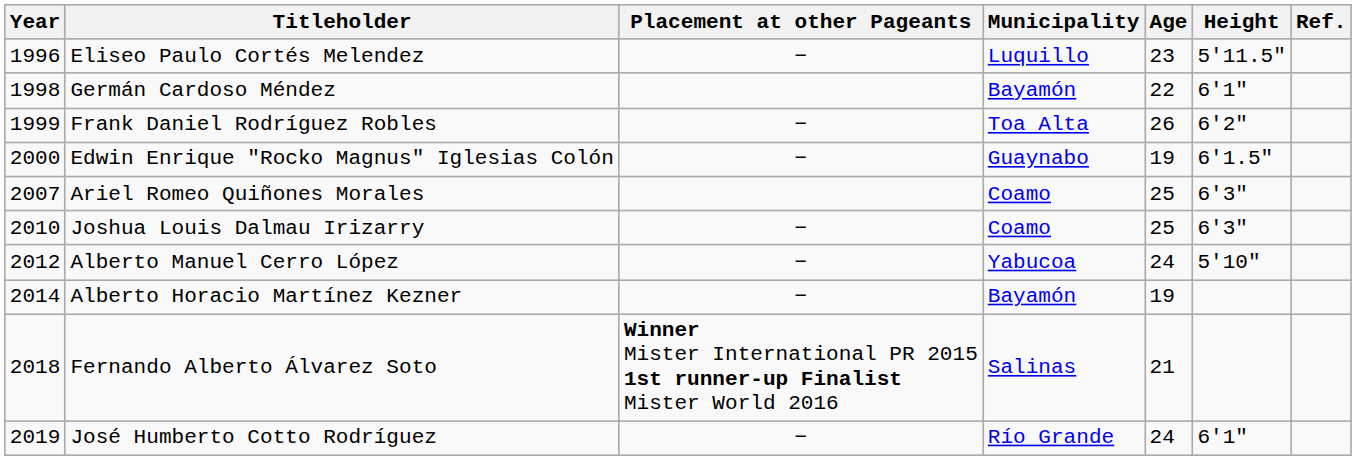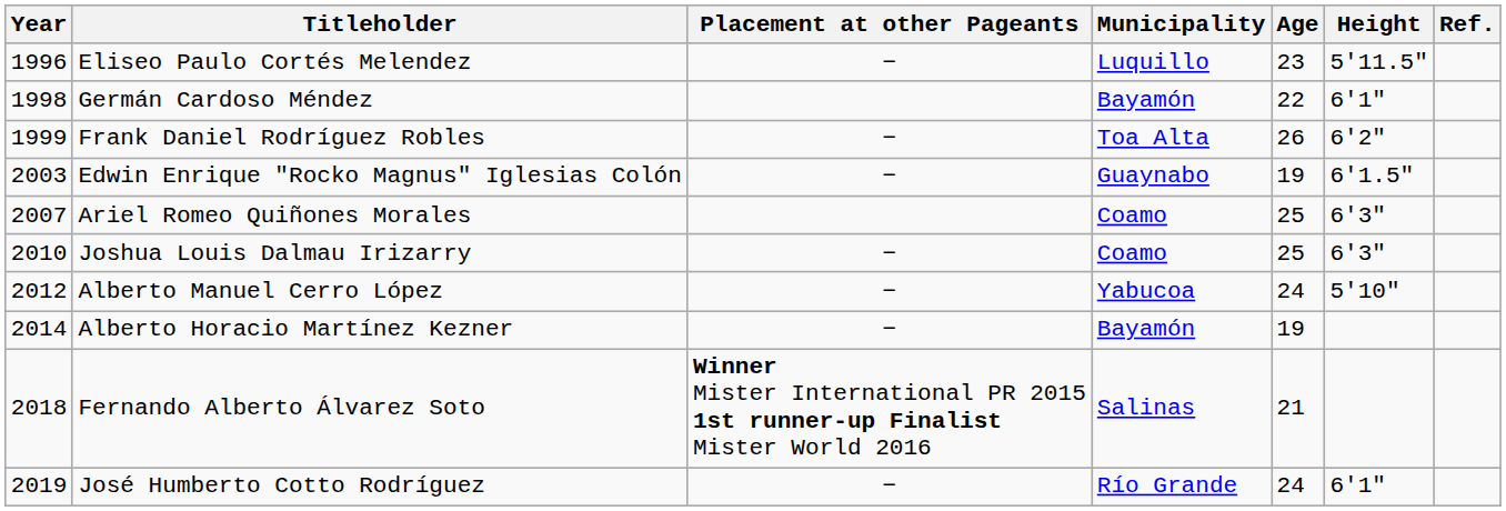 <table class="wikitable">
 <tr>
 <th>Year</th>
 <th>Titleholder</th>
 <th>Placement at other Pageants</th>
 <th>Municipality</th>
 <th>Age</th>
 <th>Height</th>
 <th>Ref.</th>
 </tr>
 <tr>
 <td>1996</td>
 <td>Eliseo Paulo Cortés Melendez</td>
 <td style="text-align:center;">−</td>
 <td><a href='#'>Luquillo</a></td>
 <td>23</td>
 <td>5'11.5"</td>
 <td></td>
 </tr>
 <tr>
 <td>1998</td>
 <td>Germán Cardoso Méndez</td>
 <td></td>
 <td><a href='#'>Bayamón</a></td>
 <td>22</td>
 <td>6'1"</td>
 <td></td>
 </tr>
 <tr>
 <td>1999</td>
 <td>Frank Daniel Rodríguez Robles</td>
 <td style="text-align:center;">−</td>
 <td><a href='#'>Toa Alta</a></td>
 <td>26</td>
 <td>6'2"</td>
 <td></td>
 </tr>
 <tr>
-<td>2000</td>
+<td>2003</td>
 <td>Edwin Enrique "Rocko Magnus" Iglesias Colón</td>
 <td style="text-align:center;">−</td>
 <td><a href='#'>Guaynabo</a></td>
 <td>19</td>
 <td>6'1.5"</td>
 <td></td>
 </tr>
 <tr>
 <td>2007</td>
 <td>Ariel Romeo Quiñones Morales</td>
 <td></td>
 <td><a href='#'>Coamo</a></td>
 <td>25</td>
 <td>6'3"</td>
 <td></td>
 </tr>
 <tr>
 <td>2010</td>
 <td>Joshua Louis Dalmau Irizarry</td>
 <td style="text-align:center;">−</td>
 <td><a href='#'>Coamo</a></td>
 <td>25</td>
 <td>6'3"</td>
 <td></td>
 </tr>
 <tr>
 <td>2012</td>
 <td>Alberto Manuel Cerro López</td>
 <td style="text-align:center;">−</td>
 <td><a href='#'>Yabucoa</a></td>
 <td>24</td>
 <td>5'10"</td>
 <td></td>
 </tr>
 <tr>
 <td>2014</td>
 <td>Alberto Horacio Martínez Kezner</td>
 <td style="text-align:center;">−</td>
 <td><a href='#'>Bayamón</a></td>
 <td>19</td>
 <td></td>
 <td></td>
 </tr>
 <tr>
 <td>2018</td>
 <td>Fernando Alberto Álvarez Soto</td>
 <td><div><strong>Winner</strong><br>Mister International PR 2015<br><strong>1st runner-up Finalist</strong><br>Mister World 2016 </div></td>
 <td><a href='#'>Salinas</a></td>
 <td>21</td>
 <td></td>
 <td></td>
 </tr>
 <tr>
 <td>2019</td>
 <td>José Humberto Cotto Rodríguez</td>
 <td style="text-align:center;">−</td>
 <td><a href='#'>Río Grande</a></td>
 <td>24</td>
 <td>6'1"</td>
 <td></td>
 </tr>
 </table>
